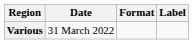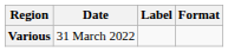 <table class="wikitable plainrowheaders">
 <tr>
 <th scope="col">Region</th>
 <th scope="col">Date</th>
+<th scope="col">Label</th>
 <th scope="col">Format</th>
-<th scope="col">Label</th>
 </tr>
 <tr>
 <th scope="row">Various</th>
 <td>31 March 2022</td>
 <td></td>
 <td></td>
 </tr>
 </table>
